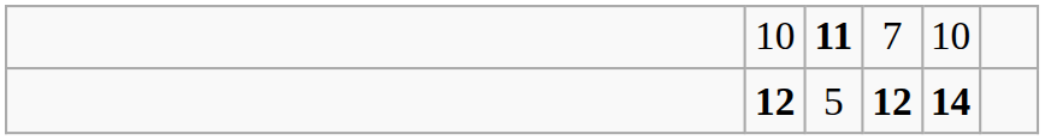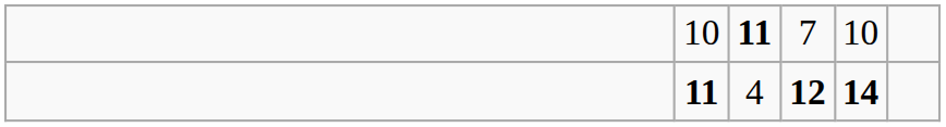 <table class="wikitable">
 <tr>
 <td style="width:18em"></td>
 <td align=center style="width:1em">10</td>
 <td align=center style="width:1em"><strong>11</strong></td>
 <td align=center style="width:1em">7</td>
 <td align=center style="width:1em">10</td>
 <td align=center style="width:1em"></td>
 </tr>
 <tr>
 <td style="width:18em"></td>
-<td align=center style="width:1em"><strong>12</strong></td>
-<td align=center style="width:1em">5</td>
+<td align=center style="width:1em"><strong>11</strong></td>
+<td align=center style="width:1em">4</td>
 <td align=center style="width:1em"><strong>12</strong></td>
 <td align=center style="width:1em"><strong>14</strong></td>
 <td align=center style="width:1em"></td>
 </tr>
 </table>
